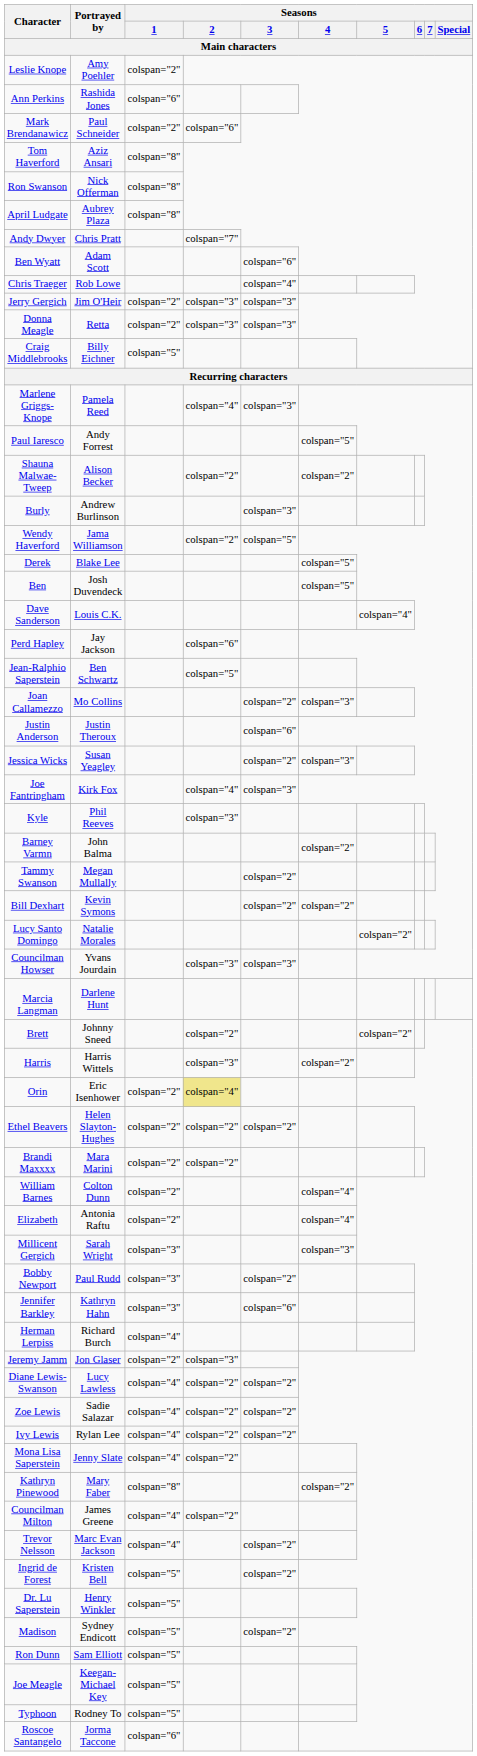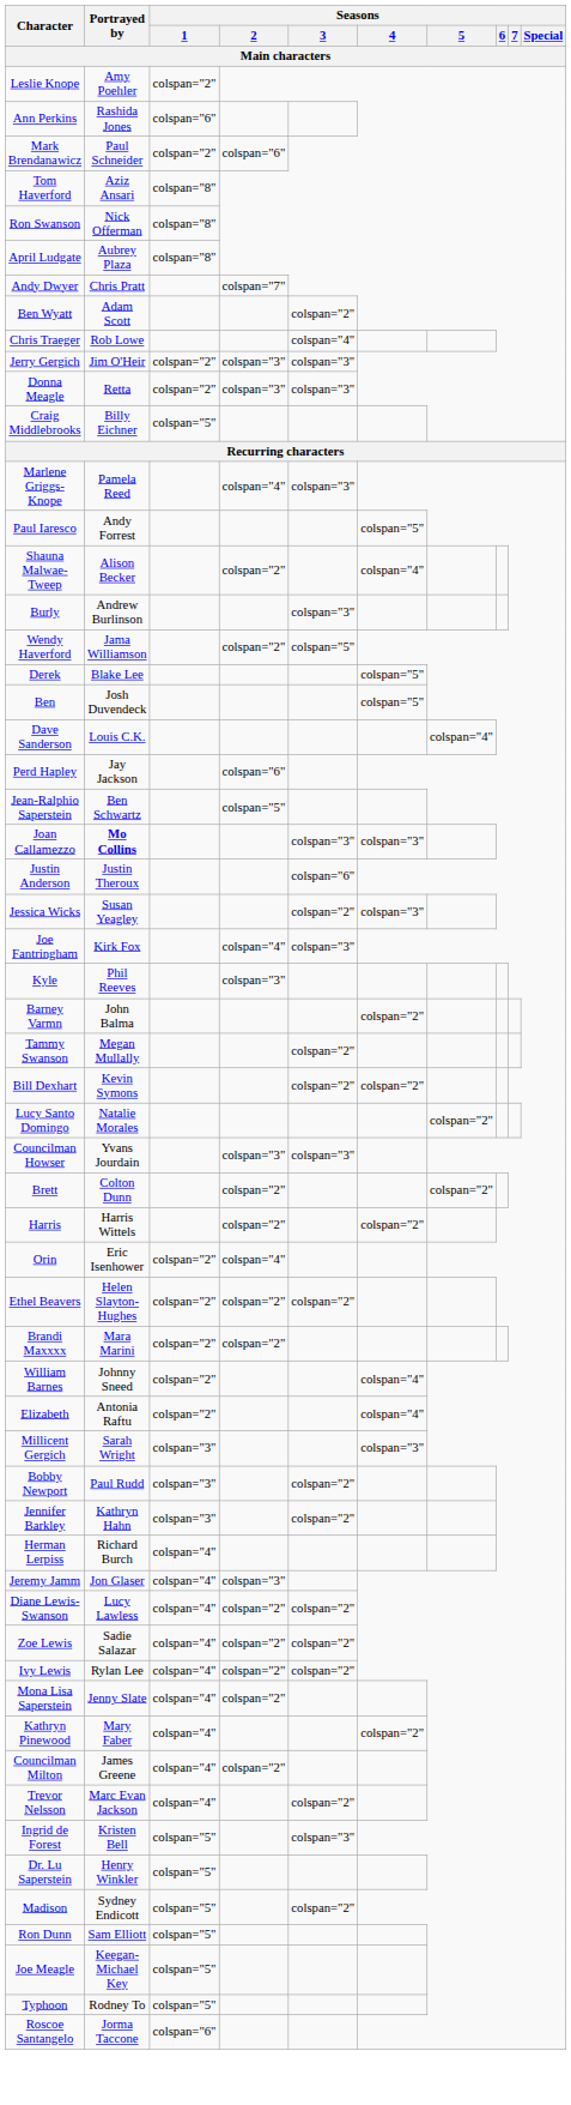 <table class="wikitable plainrowheaders" style="text-align:center">
 <tr>
 <th scope="col" rowspan="2" style="width:10%;">Character</th>
 <th scope="col" rowspan="2" style="width:10%;">Portrayed by</th>
 <th scope="col" colspan="8">Seasons</th>
 </tr>
 <tr>
 <th scope="col" style="width:6.42%;"><a href='#'>1</a></th>
 <th scope="col" style="width:6.42%;"><a href='#'>2</a></th>
 <th scope="col" style="width:6.42%;"><a href='#'>3</a></th>
 <th scope="col" style="width:6.42%;"><a href='#'>4</a></th>
 <th scope="col" style="width:6.42%;"><a href='#'>5</a></th>
 <th scope="col" style="width:6.42%;"><a href='#'>6</a></th>
 <th scope="col" style="width:6.42%;"><a href='#'>7</a></th>
 <th scope="col" style="width:6.42%;"><a href='#'>Special</a></th>
 </tr>
 <tr>
 <th colspan=10>Main characters</th>
 </tr>
 <tr>
 <td scope="row"><a href='#'>Leslie Knope</a></td>
 <td><a href='#'>Amy Poehler</a></td>
 <td>colspan="2" </td>
 </tr>
 <tr>
 <td scope="row"><a href='#'>Ann Perkins</a></td>
 <td><a href='#'>Rashida Jones</a></td>
 <td>colspan="6" </td>
 <td></td>
 <td></td>
 </tr>
 <tr>
 <td scope="row"><a href='#'>Mark Brendanawicz</a></td>
 <td><a href='#'>Paul Schneider</a></td>
 <td>colspan="2" </td>
 <td>colspan="6" </td>
 </tr>
 <tr>
 <td scope="row"><a href='#'>Tom Haverford</a></td>
 <td><a href='#'>Aziz Ansari</a></td>
 <td>colspan="8" </td>
 </tr>
 <tr>
 <td scope="row"><a href='#'>Ron Swanson</a></td>
 <td><a href='#'>Nick Offerman</a></td>
 <td>colspan="8" </td>
 </tr>
 <tr>
 <td scope="row"><a href='#'>April Ludgate</a></td>
 <td><a href='#'>Aubrey Plaza</a></td>
 <td>colspan="8" </td>
 </tr>
 <tr>
 <td scope="row"><a href='#'>Andy Dwyer</a></td>
 <td><a href='#'>Chris Pratt</a></td>
 <td></td>
 <td>colspan="7" </td>
 </tr>
 <tr>
 <td scope="row"><a href='#'>Ben Wyatt</a></td>
 <td><a href='#'>Adam Scott</a></td>
 <td></td>
 <td></td>
-<td>colspan="6" </td>
+<td>colspan="2" </td>
 </tr>
 <tr>
 <td scope="row"><a href='#'>Chris Traeger</a></td>
 <td><a href='#'>Rob Lowe</a></td>
 <td></td>
 <td></td>
 <td>colspan="4" </td>
 <td></td>
 <td></td>
 </tr>
 <tr>
 <td scope="row"><a href='#'>Jerry Gergich</a></td>
 <td><a href='#'>Jim O'Heir</a></td>
 <td>colspan="2" </td>
 <td>colspan="3" </td>
 <td>colspan="3" </td>
 </tr>
 <tr>
 <td scope="row"><a href='#'>Donna Meagle</a></td>
 <td><a href='#'>Retta</a></td>
 <td>colspan="2" </td>
 <td>colspan="3" </td>
 <td>colspan="3" </td>
 </tr>
 <tr>
 <td scope="row"><a href='#'>Craig Middlebrooks</a></td>
 <td><a href='#'>Billy Eichner</a></td>
 <td>colspan="5" </td>
 <td></td>
 <td></td>
 <td></td>
 </tr>
 <tr>
 <th colspan=10>Recurring characters</th>
 </tr>
 <tr>
 <td scope="row"><a href='#'>Marlene Griggs-Knope</a></td>
 <td><a href='#'>Pamela Reed</a></td>
 <td></td>
 <td>colspan="4" </td>
 <td>colspan="3" </td>
 </tr>
 <tr>
 <td scope="row"><a href='#'>Paul Iaresco</a></td>
 <td>Andy Forrest</td>
 <td></td>
 <td></td>
 <td></td>
 <td>colspan="5" </td>
 </tr>
 <tr>
 <td scope="row"><a href='#'>Shauna Malwae-Tweep</a></td>
 <td><a href='#'>Alison Becker</a></td>
 <td></td>
 <td>colspan="2" </td>
 <td></td>
-<td>colspan="2" </td>
+<td>colspan="4" </td>
 <td></td>
 <td></td>
 </tr>
 <tr>
 <td scope="row"><a href='#'>Burly</a></td>
 <td>Andrew Burlinson</td>
 <td></td>
 <td></td>
 <td>colspan="3" </td>
 <td></td>
 <td></td>
 <td></td>
 </tr>
 <tr>
 <td scope="row"><a href='#'>Wendy Haverford</a></td>
 <td><a href='#'>Jama Williamson</a></td>
 <td></td>
 <td>colspan="2" </td>
 <td>colspan="5" </td>
 </tr>
 <tr>
 <td scope="row"><a href='#'>Derek</a></td>
 <td><a href='#'>Blake Lee</a></td>
 <td></td>
 <td></td>
 <td></td>
 <td>colspan="5" </td>
 </tr>
 <tr>
 <td scope="row"><a href='#'>Ben</a></td>
 <td>Josh Duvendeck</td>
 <td></td>
 <td></td>
 <td></td>
 <td>colspan="5" </td>
 </tr>
 <tr>
 <td scope="row"><a href='#'>Dave Sanderson</a></td>
 <td><a href='#'>Louis C.K.</a></td>
 <td></td>
 <td></td>
 <td></td>
 <td></td>
 <td>colspan="4" </td>
 </tr>
 <tr>
 <td scope="row"><a href='#'>Perd Hapley</a></td>
 <td>Jay Jackson</td>
 <td></td>
 <td>colspan="6" </td>
 <td></td>
 </tr>
 <tr>
 <td scope="row"><a href='#'>Jean-Ralphio Saperstein</a></td>
 <td><a href='#'>Ben Schwartz</a></td>
 <td></td>
 <td>colspan="5" </td>
 <td></td>
 <td></td>
 </tr>
 <tr>
 <td scope="row"><a href='#'>Joan Callamezzo</a></td>
-<td><a href='#'>Mo Collins</a></td>
+<td><strong><a href='#'>Mo Collins</a></strong></td>
 <td></td>
 <td></td>
-<td>colspan="2" </td>
+<td>colspan="3" </td>
 <td>colspan="3" </td>
 <td></td>
 </tr>
 <tr>
 <td scope="row"><a href='#'>Justin Anderson</a></td>
 <td><a href='#'>Justin Theroux</a></td>
 <td></td>
 <td></td>
 <td>colspan="6" </td>
 </tr>
 <tr>
 <td scope="row"><a href='#'>Jessica Wicks</a></td>
 <td><a href='#'>Susan Yeagley</a></td>
 <td></td>
 <td></td>
 <td>colspan="2" </td>
 <td>colspan="3" </td>
 <td></td>
 </tr>
 <tr>
 <td scope="row"><a href='#'>Joe Fantringham</a></td>
 <td><a href='#'>Kirk Fox</a></td>
 <td></td>
 <td>colspan="4" </td>
 <td>colspan="3" </td>
 </tr>
 <tr>
 <td scope="row"><a href='#'>Kyle</a></td>
 <td><a href='#'>Phil Reeves</a></td>
 <td></td>
 <td>colspan="3" </td>
 <td></td>
 <td></td>
 <td></td>
 <td></td>
 </tr>
 <tr>
 <td scope="row"><a href='#'>Barney Varmn</a></td>
 <td>John Balma</td>
 <td></td>
 <td></td>
 <td></td>
 <td>colspan="2" </td>
 <td></td>
 <td></td>
 <td></td>
 </tr>
 <tr>
 <td scope="row"><a href='#'>Tammy Swanson</a></td>
 <td><a href='#'>Megan Mullally</a></td>
 <td></td>
 <td></td>
 <td>colspan="2" </td>
 <td></td>
 <td></td>
 <td></td>
 <td></td>
 </tr>
 <tr>
 <td scope="row"><a href='#'>Bill Dexhart</a></td>
 <td><a href='#'>Kevin Symons</a></td>
 <td></td>
 <td></td>
 <td>colspan="2" </td>
 <td>colspan="2" </td>
 <td></td>
 <td></td>
 </tr>
 <tr>
 <td scope="row"><a href='#'>Lucy Santo Domingo</a></td>
 <td><a href='#'>Natalie Morales</a></td>
 <td></td>
 <td></td>
 <td></td>
 <td></td>
 <td>colspan="2" </td>
 <td></td>
 <td></td>
 </tr>
 <tr>
 <td scope="row"><a href='#'>Councilman Howser</a></td>
 <td>Yvans Jourdain</td>
 <td></td>
 <td>colspan="3" </td>
 <td>colspan="3" </td>
 <td></td>
 </tr>
 <tr>
-<td scope="row"><br><a href='#'>Marcia Langman</a></td>
-<td><a href='#'>Darlene Hunt</a></td>
-<td></td>
-<td></td>
-<td></td>
-<td></td>
-<td></td>
-<td></td>
-<td></td>
-<td></td>
-</tr>
-<tr>
 <td scope="row"><a href='#'>Brett</a></td>
-<td>Johnny Sneed</td>
+<td><a href='#'>Colton Dunn</a></td>
 <td></td>
 <td>colspan="2" </td>
 <td></td>
 <td></td>
 <td>colspan="2" </td>
 <td></td>
 </tr>
 <tr>
 <td scope="row"><a href='#'>Harris</a></td>
 <td>Harris Wittels</td>
 <td></td>
-<td>colspan="3" </td>
+<td>colspan="2" </td>
 <td></td>
 <td>colspan="2" </td>
 <td></td>
 </tr>
 <tr>
 <td scope="row"><a href='#'>Orin</a></td>
 <td>Eric Isenhower</td>
 <td>colspan="2" </td>
-<td style="background: khaki;">colspan="4" </td>
+<td>colspan="4" </td>
 <td></td>
 <td></td>
 </tr>
 <tr>
 <td scope="row"><a href='#'>Ethel Beavers</a></td>
 <td><a href='#'>Helen Slayton-Hughes</a></td>
 <td>colspan="2" </td>
 <td>colspan="2" </td>
 <td>colspan="2" </td>
 <td></td>
 <td></td>
 </tr>
 <tr>
 <td scope="row"><a href='#'>Brandi Maxxxx</a></td>
 <td><a href='#'>Mara Marini</a></td>
 <td>colspan="2" </td>
 <td>colspan="2" </td>
 <td></td>
 <td></td>
 <td></td>
 <td></td>
 </tr>
 <tr>
 <td scope="row"><a href='#'>William Barnes</a></td>
-<td><a href='#'>Colton Dunn</a></td>
+<td>Johnny Sneed</td>
 <td>colspan="2" </td>
 <td></td>
 <td></td>
 <td>colspan="4" </td>
 </tr>
 <tr>
 <td scope="row"><a href='#'>Elizabeth</a></td>
 <td>Antonia Raftu</td>
 <td>colspan="2" </td>
 <td></td>
 <td></td>
 <td>colspan="4" </td>
 </tr>
 <tr>
 <td scope="row"><a href='#'>Millicent Gergich</a></td>
 <td><a href='#'>Sarah Wright</a></td>
 <td>colspan="3" </td>
 <td></td>
 <td></td>
 <td>colspan="3" </td>
 </tr>
 <tr>
 <td scope="row"><a href='#'>Bobby Newport</a></td>
 <td><a href='#'>Paul Rudd</a></td>
 <td>colspan="3" </td>
 <td></td>
 <td>colspan="2" </td>
 <td></td>
 <td></td>
 </tr>
 <tr>
 <td scope="row"><a href='#'>Jennifer Barkley</a></td>
 <td><a href='#'>Kathryn Hahn</a></td>
 <td>colspan="3" </td>
 <td></td>
-<td>colspan="6" </td>
+<td>colspan="2" </td>
 <td></td>
 <td></td>
 </tr>
 <tr>
 <td scope="row"><a href='#'>Herman Lerpiss</a></td>
 <td>Richard Burch</td>
 <td>colspan="4" </td>
 <td></td>
 <td></td>
 <td></td>
 <td></td>
 </tr>
 <tr>
 <td scope="row"><a href='#'>Jeremy Jamm</a></td>
 <td><a href='#'>Jon Glaser</a></td>
-<td>colspan="2" </td>
+<td>colspan="4" </td>
 <td>colspan="3" </td>
 <td></td>
 </tr>
 <tr>
 <td scope="row"><a href='#'>Diane Lewis-Swanson</a></td>
 <td><a href='#'>Lucy Lawless</a></td>
 <td>colspan="4" </td>
 <td>colspan="2" </td>
 <td>colspan="2" </td>
 </tr>
 <tr>
 <td scope="row"><a href='#'>Zoe Lewis</a></td>
 <td>Sadie Salazar</td>
 <td>colspan="4" </td>
 <td>colspan="2" </td>
 <td>colspan="2" </td>
 </tr>
 <tr>
 <td scope="row"><a href='#'>Ivy Lewis</a></td>
 <td>Rylan Lee</td>
 <td>colspan="4" </td>
 <td>colspan="2" </td>
 <td>colspan="2" </td>
 </tr>
 <tr>
 <td scope="row"><a href='#'>Mona Lisa Saperstein</a></td>
 <td><a href='#'>Jenny Slate</a></td>
 <td>colspan="4" </td>
 <td>colspan="2" </td>
 <td></td>
 <td></td>
 </tr>
 <tr>
 <td scope="row"><a href='#'>Kathryn Pinewood</a></td>
 <td><a href='#'>Mary Faber</a></td>
-<td>colspan="8" </td>
+<td>colspan="4" </td>
 <td></td>
 <td></td>
 <td>colspan="2" </td>
 </tr>
 <tr>
 <td scope="row"><a href='#'>Councilman Milton</a></td>
 <td>James Greene</td>
 <td>colspan="4" </td>
 <td>colspan="2" </td>
 <td></td>
 <td></td>
 </tr>
 <tr>
 <td scope="row"><a href='#'>Trevor Nelsson</a></td>
 <td><a href='#'>Marc Evan Jackson</a></td>
 <td>colspan="4" </td>
 <td></td>
 <td>colspan="2" </td>
 <td></td>
 </tr>
 <tr>
 <td scope="row"><a href='#'>Ingrid de Forest</a></td>
 <td><a href='#'>Kristen Bell</a></td>
 <td>colspan="5" </td>
 <td></td>
-<td>colspan="2" </td>
+<td>colspan="3" </td>
 </tr>
 <tr>
 <td scope="row"><a href='#'>Dr. Lu Saperstein</a></td>
 <td><a href='#'>Henry Winkler</a></td>
 <td>colspan="5" </td>
 <td></td>
 <td></td>
 <td></td>
 </tr>
 <tr>
 <td scope="row"><a href='#'>Madison</a></td>
 <td>Sydney Endicott</td>
 <td>colspan="5" </td>
 <td></td>
 <td>colspan="2" </td>
 </tr>
 <tr>
 <td scope="row"><a href='#'>Ron Dunn</a></td>
 <td><a href='#'>Sam Elliott</a></td>
 <td>colspan="5" </td>
 <td></td>
 <td></td>
 <td></td>
 </tr>
 <tr>
 <td scope="row"><a href='#'>Joe Meagle</a></td>
 <td><a href='#'>Keegan-Michael Key</a></td>
 <td>colspan="5" </td>
 <td></td>
 <td></td>
 <td></td>
 </tr>
 <tr>
 <td scope="row"><a href='#'>Typhoon</a></td>
 <td>Rodney To</td>
 <td>colspan="5" </td>
 <td></td>
 <td></td>
 <td></td>
 </tr>
 <tr>
 <td scope="row"><a href='#'>Roscoe Santangelo</a></td>
 <td><a href='#'>Jorma Taccone</a></td>
 <td>colspan="6" </td>
 <td></td>
 <td></td>
 </tr>
 </table>
